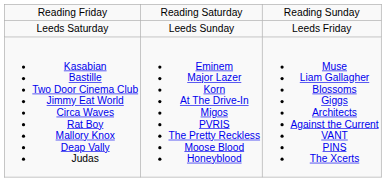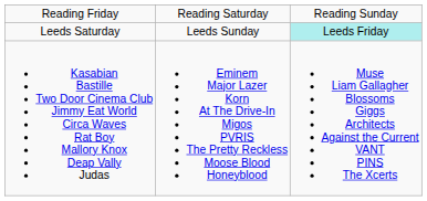 <table class="wikitable" style="text-align:center;">
 <tr>
 <td>Reading Friday</td>
 <td>Reading Saturday</td>
 <td>Reading Sunday</td>
 </tr>
 <tr>
 <td>Leeds Saturday</td>
 <td>Leeds Sunday</td>
-<td>Leeds Friday</td>
+<td style="background: paleturquoise;">Leeds Friday</td>
 </tr>
 <tr>
 <td><br><ul><li><a href='#'>Kasabian</a></li><li><a href='#'>Bastille</a></li><li><a href='#'>Two Door Cinema Club</a></li><li><a href='#'>Jimmy Eat World</a></li><li><a href='#'>Circa Waves</a></li><li><a href='#'>Rat Boy</a></li><li><a href='#'>Mallory Knox</a></li><li><a href='#'>Deap Vally</a></li><li>Judas</li></ul></td>
 <td><br><ul><li><a href='#'>Eminem</a></li><li><a href='#'>Major Lazer</a></li><li><a href='#'>Korn</a></li><li><a href='#'>At The Drive-In</a></li><li><a href='#'>Migos</a></li><li><a href='#'>PVRIS</a></li><li><a href='#'>The Pretty Reckless</a></li><li><a href='#'>Moose Blood</a></li><li><a href='#'>Honeyblood</a></li></ul></td>
 <td><br><ul><li><a href='#'>Muse</a></li><li><a href='#'>Liam Gallagher</a></li><li><a href='#'>Blossoms</a></li><li><a href='#'>Giggs</a></li><li><a href='#'>Architects</a></li><li><a href='#'>Against the Current</a></li><li><a href='#'>VANT</a></li><li><a href='#'>PINS</a></li><li><a href='#'>The Xcerts</a></li></ul></td>
 </tr>
 </table>
